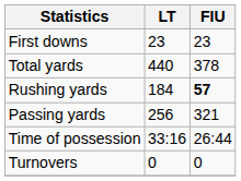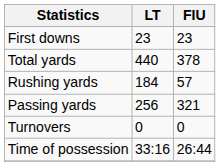 <table class="wikitable">
 <tr>
 <th>Statistics</th>
 <th>LT</th>
 <th>FIU</th>
 </tr>
 <tr>
 <td>First downs</td>
 <td>23</td>
 <td>23</td>
 </tr>
 <tr>
 <td>Total yards</td>
 <td>440</td>
 <td>378</td>
 </tr>
 <tr>
 <td>Rushing yards</td>
 <td>184</td>
-<td><strong>57</strong></td>
+<td>57</td>
 </tr>
 <tr>
 <td>Passing yards</td>
 <td>256</td>
 <td>321</td>
 </tr>
 <tr>
+<td>Turnovers</td>
+<td>0</td>
+<td>0</td>
+</tr>
+<tr>
 <td>Time of possession</td>
 <td>33:16</td>
 <td>26:44</td>
 </tr>
 <tr>
-<td>Turnovers</td>
-<td>0</td>
-<td>0</td>
-</tr>
-<tr>
 </tr>
 </table>
